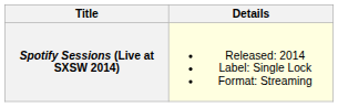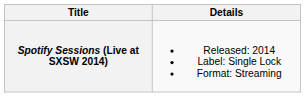 <table class="wikitable plainrowheaders" style="text-align:center;">
 <tr>
 <th scope="col" rowspan="1" style="width:14em;">Title</th>
 <th scope="col" rowspan="1" style="width:14em;">Details</th>
 </tr>
 <tr>
 <th scope="row"><em>Spotify Sessions</em> (Live at SXSW 2014)<em></th>
-<td style="background: lightyellow;"><br><ul><li>Released: 2014</li><li>Label: Single Lock</li><li>Format: Streaming</li></ul></td>
+<td><br><ul><li>Released: 2014</li><li>Label: Single Lock</li><li>Format: Streaming</li></ul></td>
 </tr>
 </table>
